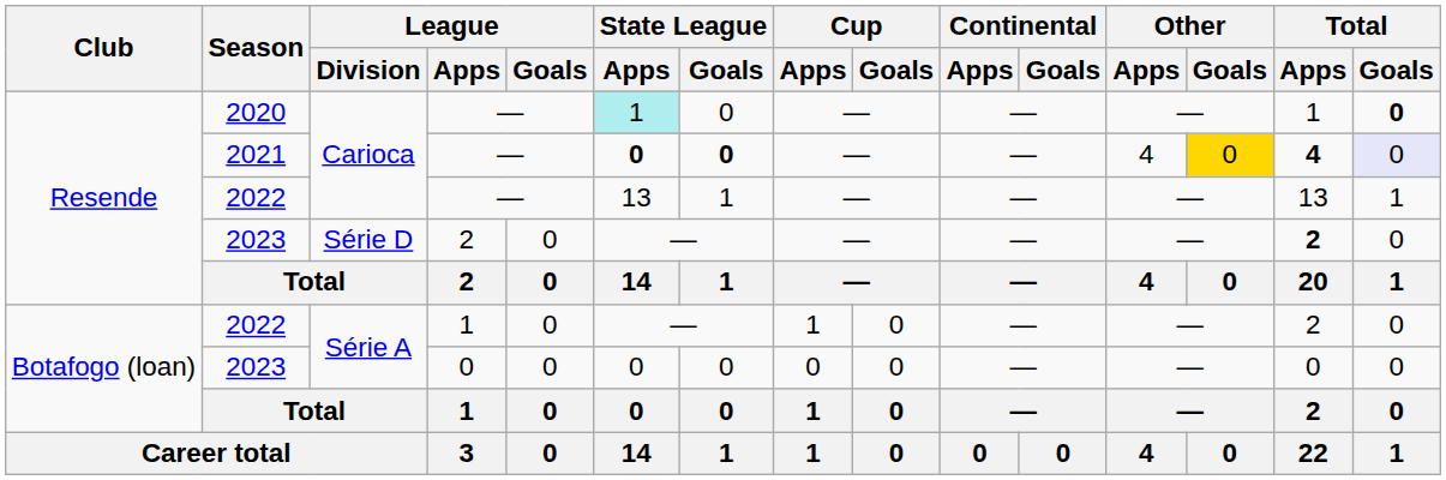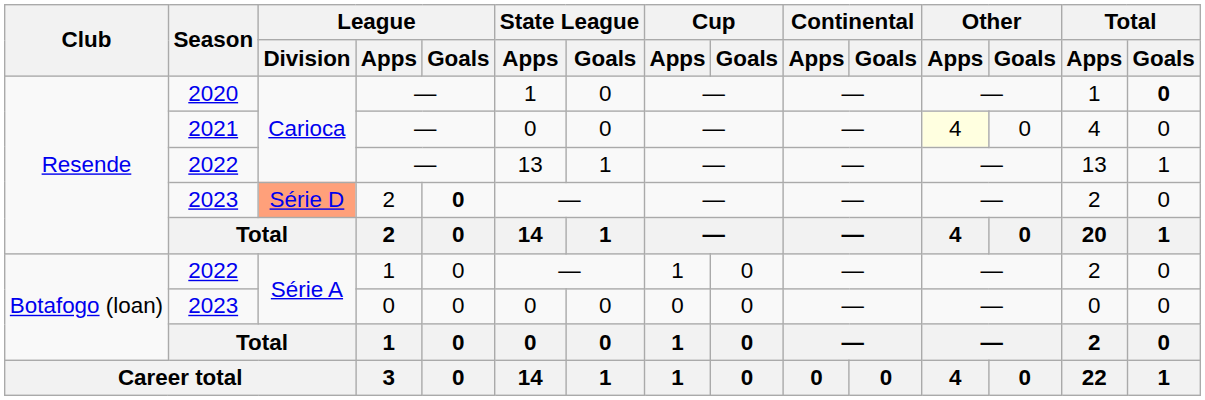 <table class="wikitable" style="text-align: center">
 <tr>
 <th rowspan="2">Club</th>
 <th rowspan="2">Season</th>
 <th colspan="3">League</th>
 <th colspan="2">State League</th>
 <th colspan="2">Cup</th>
 <th colspan="2">Continental</th>
 <th colspan="2">Other</th>
 <th colspan="2">Total</th>
 </tr>
 <tr>
 <th>Division</th>
 <th>Apps</th>
 <th>Goals</th>
 <th>Apps</th>
 <th>Goals</th>
 <th>Apps</th>
 <th>Goals</th>
 <th>Apps</th>
 <th>Goals</th>
 <th>Apps</th>
 <th>Goals</th>
 <th>Apps</th>
 <th>Goals</th>
 </tr>
 <tr>
 <td rowspan="5"><a href='#'>Resende</a></td>
 <td><a href='#'>2020</a></td>
 <td rowspan="3"><a href='#'>Carioca</a></td>
 <td colspan="2">—</td>
-<td style="background: paleturquoise;">1</td>
+<td>1</td>
 <td>0</td>
 <td colspan="2">—</td>
 <td colspan="2">—</td>
 <td colspan="2">—</td>
 <td>1</td>
 <td><strong>0</strong></td>
 </tr>
 <tr>
 <td><a href='#'>2021</a></td>
 <td colspan="2">—</td>
-<td><strong>0</strong></td>
-<td><strong>0</strong></td>
+<td>0</td>
+<td>0</td>
 <td colspan="2">—</td>
 <td colspan="2">—</td>
+<td style="background: lightyellow;">4</td>
+<td>0</td>
 <td>4</td>
-<td style="background: gold;">0</td>
-<td><strong>4</strong></td>
-<td style="background: lavender;">0</td>
+<td>0</td>
 </tr>
 <tr>
 <td><a href='#'>2022</a></td>
 <td colspan="2">—</td>
 <td>13</td>
 <td>1</td>
 <td colspan="2">—</td>
 <td colspan="2">—</td>
 <td colspan="2">—</td>
 <td>13</td>
 <td>1</td>
 </tr>
 <tr>
 <td><a href='#'>2023</a></td>
-<td><a href='#'>Série D</a></td>
+<td style="background: lightsalmon;"><a href='#'>Série D</a></td>
 <td>2</td>
-<td>0</td>
+<td><strong>0</strong></td>
 <td colspan="2">—</td>
 <td colspan="2">—</td>
 <td colspan="2">—</td>
 <td colspan="2">—</td>
-<td><strong>2</strong></td>
+<td>2</td>
 <td>0</td>
 </tr>
 <tr>
 <th colspan="2">Total</th>
 <th>2</th>
 <th>0</th>
 <th>14</th>
 <th>1</th>
 <th colspan="2">—</th>
 <th colspan="2">—</th>
 <th>4</th>
 <th>0</th>
 <th>20</th>
 <th>1</th>
 </tr>
 <tr>
 <td rowspan="3"><a href='#'>Botafogo</a> (loan)</td>
 <td><a href='#'>2022</a></td>
 <td rowspan="2"><a href='#'>Série A</a></td>
 <td>1</td>
 <td>0</td>
 <td colspan="2">—</td>
 <td>1</td>
 <td>0</td>
 <td colspan="2">—</td>
 <td colspan="2">—</td>
 <td>2</td>
 <td>0</td>
 </tr>
 <tr>
 <td><a href='#'>2023</a></td>
 <td>0</td>
 <td>0</td>
 <td>0</td>
 <td>0</td>
 <td>0</td>
 <td>0</td>
 <td colspan="2">—</td>
 <td colspan="2">—</td>
 <td>0</td>
 <td>0</td>
 </tr>
 <tr>
 <th colspan="2">Total</th>
 <th>1</th>
 <th>0</th>
 <th>0</th>
 <th>0</th>
 <th>1</th>
 <th>0</th>
 <th colspan="2">—</th>
 <th colspan="2">—</th>
 <th>2</th>
 <th>0</th>
 </tr>
 <tr>
 <th colspan="3"><strong>Career total</strong></th>
 <th>3</th>
 <th>0</th>
 <th>14</th>
 <th>1</th>
 <th>1</th>
 <th>0</th>
 <th>0</th>
 <th>0</th>
 <th>4</th>
 <th>0</th>
 <th>22</th>
 <th>1</th>
 </tr>
 </table>
